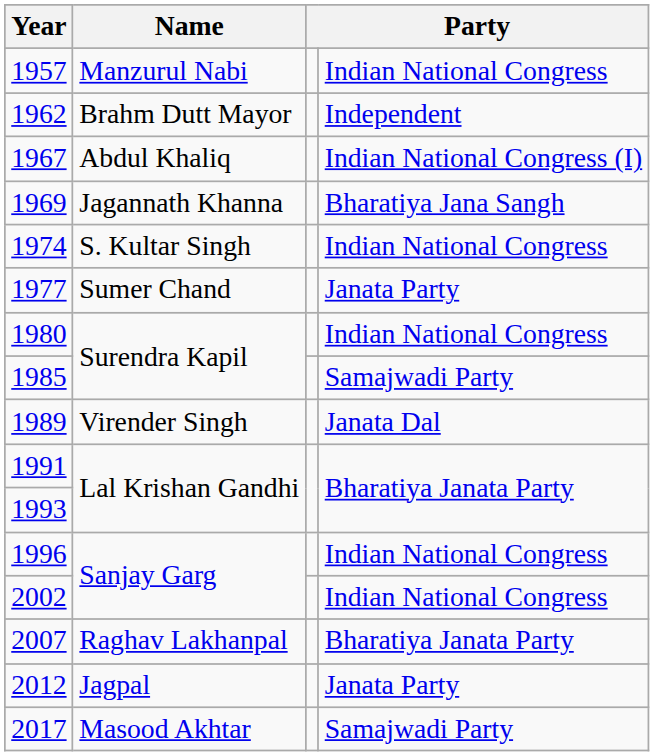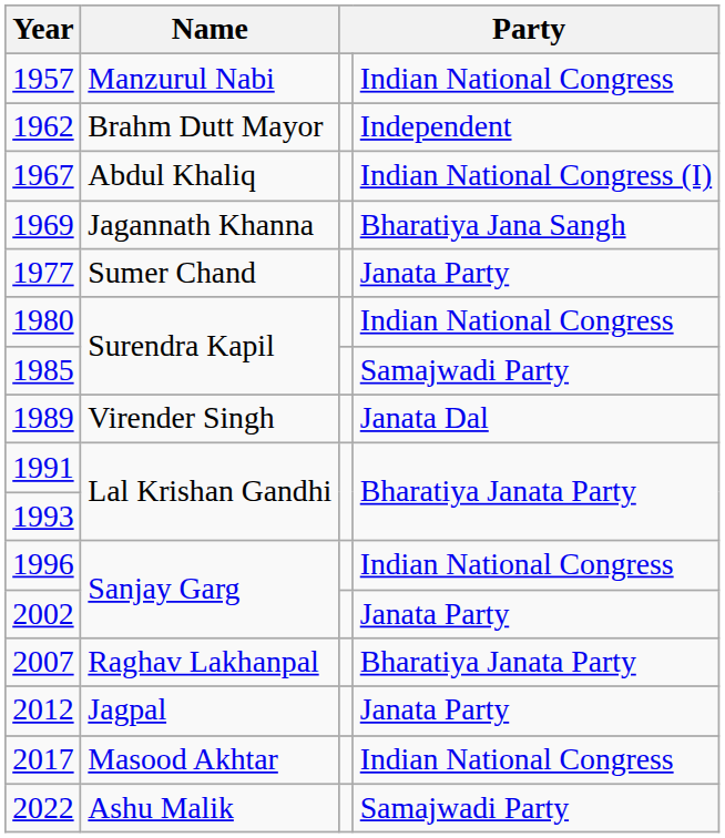 <table class="wikitable">
 <tr>
 <th>Year</th>
 <th>Name</th>
 <th colspan="2">Party</th>
 </tr>
 <tr>
 <td><a href='#'>1957</a></td>
 <td><a href='#'>Manzurul Nabi</a></td>
 <td style="background-color:"></td>
 <td><a href='#'>Indian National Congress</a></td>
 </tr>
 <tr>
 <td><a href='#'>1962</a></td>
 <td>Brahm Dutt Mayor</td>
 <td style="background-color:"></td>
 <td><a href='#'>Independent</a></td>
 </tr>
 <tr>
 <td><a href='#'>1967</a></td>
 <td>Abdul Khaliq</td>
 <td style="background-color:"></td>
 <td><a href='#'>Indian National Congress (I)</a></td>
 </tr>
 <tr>
 <td><a href='#'>1969</a></td>
 <td>Jagannath Khanna</td>
 <td style="background-color:"></td>
 <td><a href='#'>Bharatiya Jana Sangh</a></td>
-</tr>
-<tr>
-<td><a href='#'>1974</a></td>
-<td>S. Kultar Singh</td>
-<td style="background-color:"></td>
-<td><a href='#'>Indian National Congress</a></td>
 </tr>
 <tr>
 <td><a href='#'>1977</a></td>
 <td>Sumer Chand</td>
 <td style="background-color:"></td>
 <td><a href='#'>Janata Party</a></td>
 </tr>
 <tr>
 <td><a href='#'>1980</a></td>
 <td rowspan="2">Surendra Kapil</td>
 <td style="background-color:"></td>
 <td><a href='#'>Indian National Congress</a></td>
 </tr>
 <tr>
 <td><a href='#'>1985</a></td>
 <td style="background-color:"></td>
 <td><a href='#'>Samajwadi Party</a></td>
 </tr>
 <tr>
 <td><a href='#'>1989</a></td>
 <td>Virender Singh</td>
 <td style="background-color:"></td>
 <td><a href='#'>Janata Dal</a></td>
 </tr>
 <tr>
 <td><a href='#'>1991</a></td>
 <td rowspan="2">Lal Krishan Gandhi</td>
 <td rowspan="2" style="background-color:"></td>
 <td rowspan="2"><a href='#'>Bharatiya Janata Party</a></td>
 </tr>
 <tr>
 <td><a href='#'>1993</a></td>
 </tr>
 <tr>
 <td><a href='#'>1996</a></td>
 <td rowspan="2"><a href='#'>Sanjay Garg</a></td>
 <td style="background-color:"></td>
 <td><a href='#'>Indian National Congress</a></td>
 </tr>
 <tr>
 <td><a href='#'>2002</a></td>
 <td style="background-color:"></td>
-<td><a href='#'>Indian National Congress</a></td>
+<td><a href='#'>Janata Party</a></td>
 </tr>
 <tr>
 <td><a href='#'>2007</a></td>
 <td><a href='#'>Raghav Lakhanpal</a></td>
 <td style="background-color:"></td>
 <td><a href='#'>Bharatiya Janata Party</a></td>
 </tr>
 <tr>
 <td><a href='#'>2012</a></td>
 <td><a href='#'>Jagpal</a></td>
 <td style="background-color:"></td>
 <td><a href='#'>Janata Party</a></td>
 </tr>
 <tr>
 <td><a href='#'>2017</a></td>
 <td><a href='#'>Masood Akhtar</a></td>
 <td style="background-color:"></td>
+<td><a href='#'>Indian National Congress</a></td>
+</tr>
+<tr>
+<td><a href='#'>2022</a></td>
+<td><a href='#'>Ashu Malik</a></td>
+<td style="background-color:"></td>
 <td><a href='#'>Samajwadi Party</a></td>
 </tr>
 </table>
